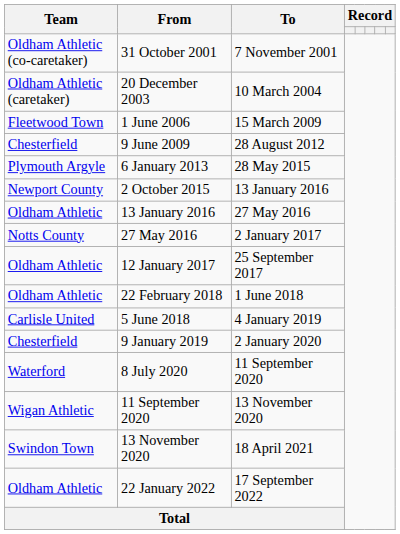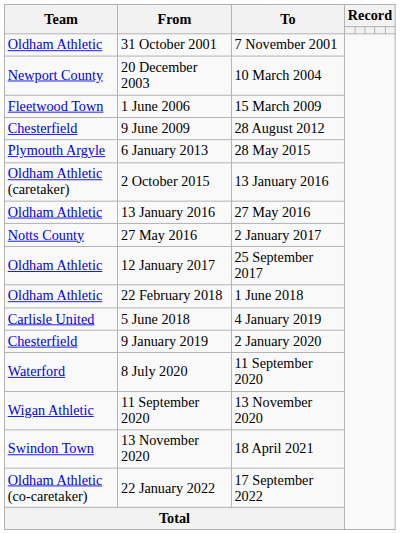 <table class="wikitable" style="text-align: center">
 <tr>
 <th rowspan="2" width=120>Team</th>
 <th rowspan="2" width=120>From</th>
 <th rowspan="2" width=120>To</th>
 <th colspan="8">Record</th>
 </tr>
 <tr>
 <th></th>
 <th></th>
 <th></th>
 <th></th>
 <th></th>
 </tr>
 <tr>
-<td align="left"><a href='#'>Oldham Athletic</a> (co-caretaker)</td>
+<td align=left><a href='#'>Oldham Athletic</a></td>
 <td align="left">31 October 2001</td>
 <td align="left">7 November 2001<br></td>
 </tr>
 <tr>
-<td align="left"><a href='#'>Oldham Athletic</a> (caretaker)</td>
+<td align="left"><a href='#'>Newport County</a></td>
 <td align="left">20 December 2003</td>
 <td align="left">10 March 2004<br></td>
 </tr>
 <tr>
 <td align="left"><a href='#'>Fleetwood Town</a></td>
 <td align="left">1 June 2006</td>
 <td align="left">15 March 2009<br></td>
 </tr>
 <tr>
 <td align="left"><a href='#'>Chesterfield</a></td>
 <td align="left">9 June 2009</td>
 <td align="left">28 August 2012<br></td>
 </tr>
 <tr>
 <td align="left"><a href='#'>Plymouth Argyle</a></td>
 <td align="left">6 January 2013</td>
 <td align="left">28 May 2015<br></td>
 </tr>
 <tr>
-<td align="left"><a href='#'>Newport County</a></td>
+<td align="left"><a href='#'>Oldham Athletic</a> (caretaker)</td>
 <td align="left">2 October 2015</td>
 <td align="left">13 January 2016<br></td>
 </tr>
 <tr>
 <td align="left"><a href='#'>Oldham Athletic</a></td>
 <td align="left">13 January 2016</td>
 <td align="left">27 May 2016<br></td>
 </tr>
 <tr>
 <td align="left"><a href='#'>Notts County</a></td>
 <td align="left">27 May 2016</td>
 <td align="left">2 January 2017<br></td>
 </tr>
 <tr>
 <td align="left"><a href='#'>Oldham Athletic</a></td>
 <td align="left">12 January 2017</td>
 <td align="left">25 September 2017<br></td>
 </tr>
 <tr>
 <td align="left"><a href='#'>Oldham Athletic</a></td>
 <td align="left">22 February 2018</td>
 <td align="left">1 June 2018<br></td>
 </tr>
 <tr>
 <td align=left><a href='#'>Carlisle United</a></td>
 <td align=left>5 June 2018</td>
 <td align=left>4 January 2019<br></td>
 </tr>
 <tr>
 <td align=left><a href='#'>Chesterfield</a></td>
 <td align=left>9 January 2019</td>
 <td align=left>2 January 2020<br></td>
 </tr>
 <tr>
 <td align=left><a href='#'>Waterford</a></td>
 <td align=left>8 July 2020</td>
 <td align=left>11 September 2020<br></td>
 </tr>
 <tr>
 <td align=left><a href='#'>Wigan Athletic</a></td>
 <td align=left>11 September 2020</td>
 <td align=left>13 November 2020<br></td>
 </tr>
 <tr>
 <td align=left><a href='#'>Swindon Town</a></td>
 <td align=left>13 November 2020</td>
 <td align=left>18 April 2021<br></td>
 </tr>
 <tr>
-<td align=left><a href='#'>Oldham Athletic</a></td>
+<td align="left"><a href='#'>Oldham Athletic</a> (co-caretaker)</td>
 <td align=left>22 January 2022</td>
 <td align=left>17 September 2022<br></td>
 </tr>
 <tr>
 <th colspan="3">Total<br></th>
 </tr>
 </table>
